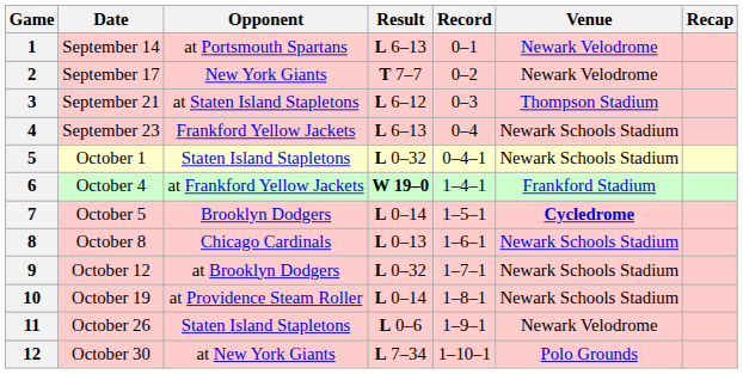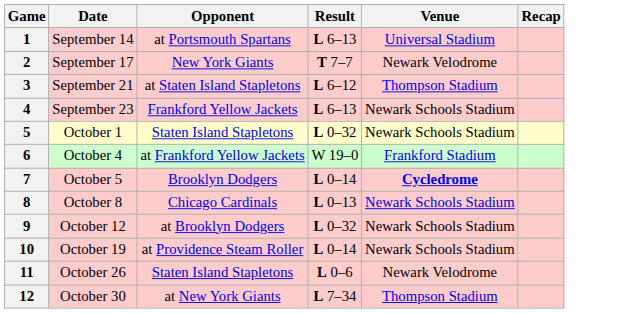 <table class="wikitable" style="text-align:center">
 <tr>
 <th>Game</th>
 <th>Date</th>
 <th>Opponent</th>
 <th>Result</th>
-<th>Record</th>
 <th>Venue</th>
 <th>Recap</th>
 </tr>
 <tr style="background:#fcc">
 <th>1</th>
 <td>September 14</td>
 <td>at <a href='#'>Portsmouth Spartans</a></td>
 <td><strong>L</strong> 6–13</td>
-<td>0–1</td>
-<td><a href='#'>Newark Velodrome</a></td>
+<td><a href='#'>Universal Stadium</a></td>
 <td></td>
 </tr>
 <tr style="background:#fcc">
 <th>2</th>
 <td>September 17</td>
 <td><a href='#'>New York Giants</a></td>
 <td><strong>T</strong> 7–7</td>
-<td>0–2</td>
 <td>Newark Velodrome</td>
 <td></td>
 </tr>
 <tr style="background:#fcc">
 <th>3</th>
 <td>September 21</td>
 <td>at <a href='#'>Staten Island Stapletons</a></td>
 <td><strong>L</strong> 6–12</td>
-<td>0–3</td>
 <td><a href='#'>Thompson Stadium</a></td>
 <td></td>
 </tr>
 <tr style="background:#fcc">
 <th>4</th>
 <td>September 23</td>
 <td><a href='#'>Frankford Yellow Jackets</a></td>
 <td><strong>L</strong> 6–13</td>
-<td>0–4</td>
 <td>Newark Schools Stadium</td>
 <td></td>
 </tr>
 <tr style="background:#ffc">
 <th>5</th>
 <td>October 1</td>
 <td><a href='#'>Staten Island Stapletons</a></td>
 <td><strong>L</strong> 0–32</td>
-<td>0–4–1</td>
 <td>Newark Schools Stadium</td>
 <td></td>
 </tr>
 <tr style="background:#cfc">
 <th>6</th>
 <td>October 4</td>
 <td>at <a href='#'>Frankford Yellow Jackets</a></td>
-<td><strong>W 19–0</strong></td>
-<td>1–4–1</td>
+<td>W 19–0</td>
 <td><a href='#'>Frankford Stadium</a></td>
 <td></td>
 </tr>
 <tr style="background:#fcc">
 <th>7</th>
 <td>October 5</td>
 <td><a href='#'>Brooklyn Dodgers</a></td>
 <td><strong>L</strong> 0–14</td>
-<td>1–5–1</td>
 <td><strong><a href='#'>Cycledrome</a></strong></td>
 <td></td>
 </tr>
 <tr style="background:#fcc">
 <th>8</th>
 <td>October 8</td>
 <td><a href='#'>Chicago Cardinals</a></td>
 <td><strong>L</strong> 0–13</td>
-<td>1–6–1</td>
 <td><a href='#'>Newark Schools Stadium</a></td>
 <td></td>
 </tr>
 <tr style="background:#fcc">
 <th>9</th>
 <td>October 12</td>
 <td>at <a href='#'>Brooklyn Dodgers</a></td>
 <td><strong>L</strong> 0–32</td>
-<td>1–7–1</td>
 <td>Newark Schools Stadium</td>
 <td></td>
 </tr>
 <tr style="background:#fcc">
 <th>10</th>
 <td>October 19</td>
 <td>at <a href='#'>Providence Steam Roller</a></td>
 <td><strong>L</strong> 0–14</td>
-<td>1–8–1</td>
 <td>Newark Schools Stadium</td>
 <td></td>
 </tr>
 <tr style="background:#fcc">
 <th>11</th>
 <td>October 26</td>
 <td><a href='#'>Staten Island Stapletons</a></td>
 <td><strong>L</strong> 0–6</td>
-<td>1–9–1</td>
 <td>Newark Velodrome</td>
 <td></td>
 </tr>
 <tr style="background:#fcc">
 <th>12</th>
 <td>October 30</td>
 <td>at <a href='#'>New York Giants</a></td>
 <td><strong>L</strong> 7–34</td>
-<td>1–10–1</td>
-<td><a href='#'>Polo Grounds</a></td>
+<td><a href='#'>Thompson Stadium</a></td>
 <td></td>
 </tr>
 </table>
